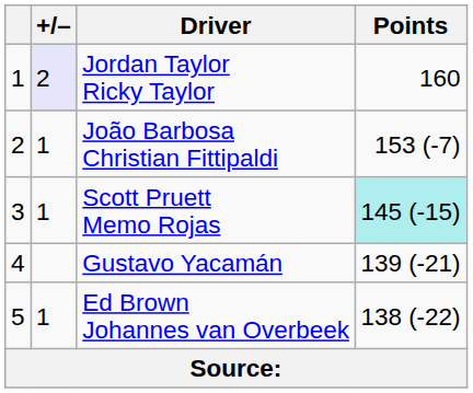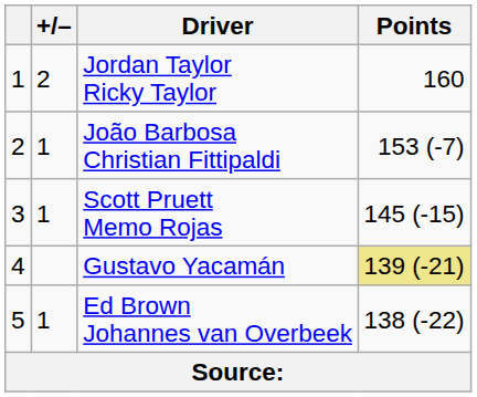 <table class="wikitable" style="font-size: 95%;">
 <tr>
 <th scope="col"></th>
 <th scope="col">+/–</th>
 <th scope="col">Driver</th>
 <th scope="col">Points</th>
 </tr>
 <tr>
 <td align=center>1</td>
-<td align="left" style="background: lavender;"> 2</td>
+<td align="left"> 2</td>
 <td> <a href='#'>Jordan Taylor</a><br> <a href='#'>Ricky Taylor</a></td>
 <td align=right>160</td>
 </tr>
 <tr>
 <td align=center>2</td>
 <td align="left"> 1</td>
 <td> <a href='#'>João Barbosa</a><br> <a href='#'>Christian Fittipaldi</a></td>
 <td align=right>153 (-7)</td>
 </tr>
 <tr>
 <td align=center>3</td>
 <td align="left"> 1</td>
 <td> <a href='#'>Scott Pruett</a><br> <a href='#'>Memo Rojas</a></td>
-<td align=right style="background: paleturquoise;">145 (-15)</td>
+<td align=right>145 (-15)</td>
 </tr>
 <tr>
 <td align=center>4</td>
 <td align="left"></td>
 <td> <a href='#'>Gustavo Yacamán</a></td>
-<td align=right>139 (-21)</td>
+<td align=right style="background: khaki;">139 (-21)</td>
 </tr>
 <tr>
 <td align=center>5</td>
 <td align="left"> 1</td>
 <td> <a href='#'>Ed Brown</a><br> <a href='#'>Johannes van Overbeek</a></td>
 <td align=right>138 (-22)</td>
 </tr>
 <tr>
 <th colspan=5>Source:</th>
 </tr>
 </table>
